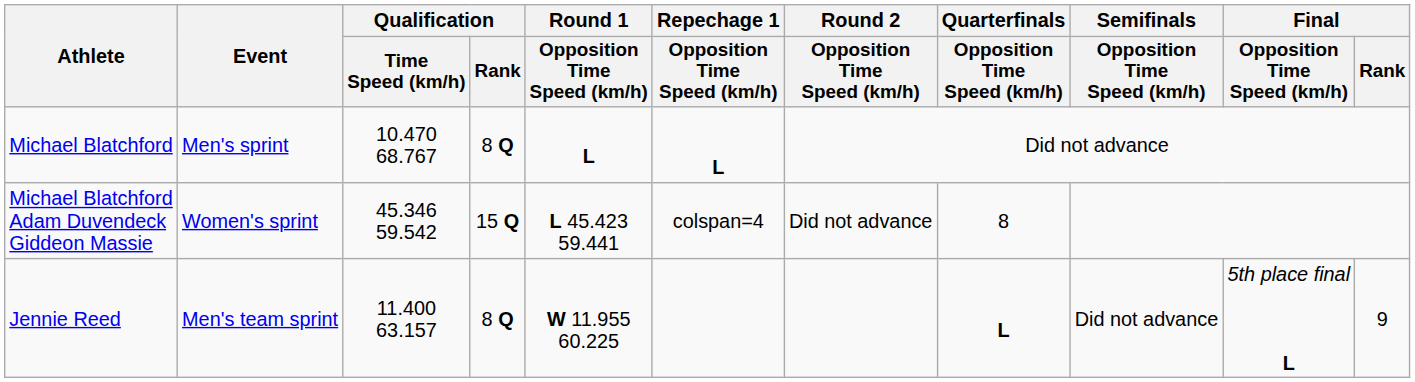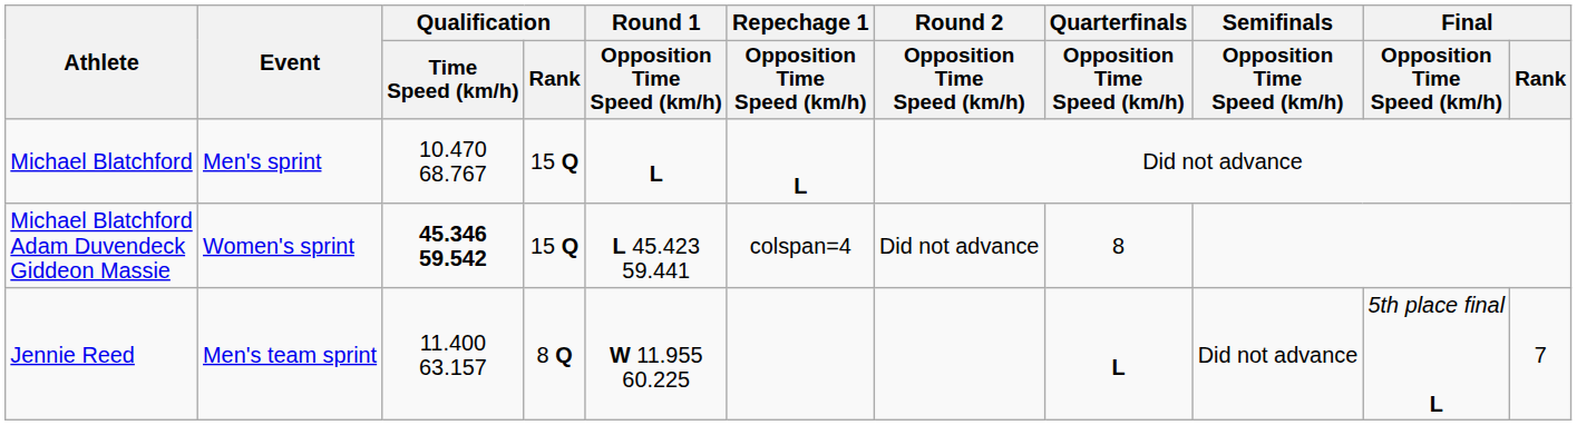 <table class=wikitable style=font-size:90%;text-align:center>
 <tr>
 <th rowspan=2>Athlete</th>
 <th rowspan=2>Event</th>
 <th colspan=2>Qualification</th>
 <th>Round 1</th>
 <th>Repechage 1</th>
 <th>Round 2</th>
 <th>Quarterfinals</th>
 <th>Semifinals</th>
 <th colspan=2>Final</th>
 </tr>
 <tr style=font-size:95%>
 <th>Time<br>Speed (km/h)</th>
 <th>Rank</th>
 <th>Opposition<br>Time<br>Speed (km/h)</th>
 <th>Opposition<br>Time<br>Speed (km/h)</th>
 <th>Opposition<br>Time<br>Speed (km/h)</th>
 <th>Opposition<br>Time<br>Speed (km/h)</th>
 <th>Opposition<br>Time<br>Speed (km/h)</th>
 <th>Opposition<br>Time<br>Speed (km/h)</th>
 <th>Rank</th>
 </tr>
 <tr>
 <td align=left><a href='#'>Michael Blatchford</a></td>
 <td align=left><a href='#'>Men's sprint</a></td>
 <td>10.470<br>68.767</td>
-<td>8 <strong>Q</strong></td>
+<td>15 <strong>Q</strong></td>
 <td><br><strong>L</strong></td>
 <td><br><br><strong>L</strong></td>
 <td colspan=5>Did not advance</td>
 </tr>
 <tr>
 <td align=left><a href='#'>Michael Blatchford</a><br><a href='#'>Adam Duvendeck</a><br><a href='#'>Giddeon Massie</a></td>
 <td align=left><a href='#'>Women's sprint</a></td>
-<td>45.346<br>59.542</td>
+<td><strong>45.346<br>59.542</strong></td>
 <td>15 <strong>Q</strong></td>
 <td><br><strong>L</strong> 45.423<br>59.441</td>
 <td>colspan=4 </td>
 <td>Did not advance</td>
 <td>8</td>
 </tr>
 <tr>
 <td align=left><a href='#'>Jennie Reed</a></td>
 <td align=left><a href='#'>Men's team sprint</a></td>
 <td>11.400<br>63.157</td>
 <td>8 <strong>Q</strong></td>
 <td><br><strong>W</strong> 11.955<br>60.225</td>
 <td></td>
 <td></td>
 <td><br><strong>L</strong></td>
 <td>Did not advance</td>
 <td><em>5th place final</em><br><br><br><br><strong>L</strong></td>
-<td>9</td>
+<td>7</td>
 </tr>
 </table>
